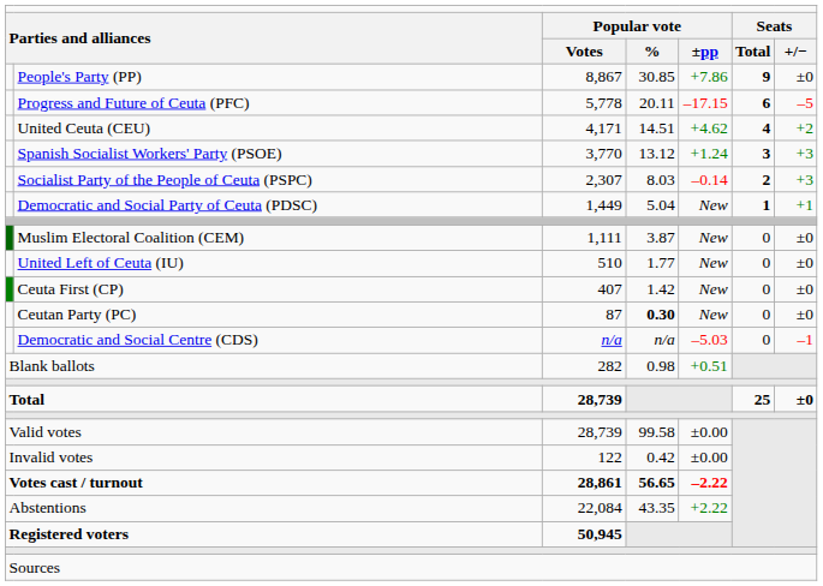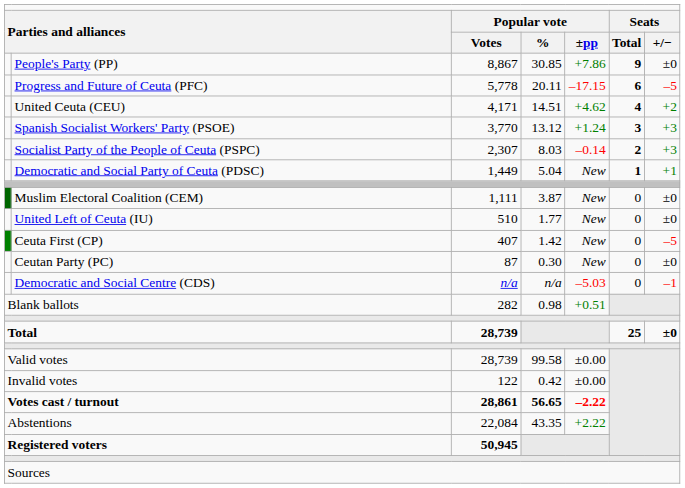 <table class="wikitable" style="text-align:right;">
 <tr>
 <td colspan="7"></td>
 </tr>
 <tr>
 <th style="text-align:left;" rowspan="2" colspan="2" width="525">Parties and alliances</th>
 <th colspan="3">Popular vote</th>
 <th colspan="2">Seats</th>
 </tr>
 <tr>
 <th width="75">Votes</th>
 <th width="45">%</th>
 <th width="45">±<a href='#'>pp</a></th>
 <th width="35">Total</th>
 <th width="35">+/−</th>
 </tr>
 <tr>
 <td width="1" style="color:inherit;background:"></td>
 <td align="left"><a href='#'>People's Party</a> (PP)</td>
 <td>8,867</td>
 <td>30.85</td>
 <td style="color:green;">+7.86</td>
 <td><strong>9</strong></td>
 <td>±0</td>
 </tr>
 <tr>
 <td style="color:inherit;background:"></td>
 <td align="left"><a href='#'>Progress and Future of Ceuta</a> (PFC)</td>
 <td>5,778</td>
 <td>20.11</td>
 <td style="color:red;">–17.15</td>
 <td><strong>6</strong></td>
 <td style="color:red;">–5</td>
 </tr>
 <tr>
 <td style="color:inherit;background:"></td>
 <td align="left">United Ceuta (CEU)</td>
 <td>4,171</td>
 <td>14.51</td>
 <td style="color:green;">+4.62</td>
 <td><strong>4</strong></td>
 <td style="color:green;">+2</td>
 </tr>
 <tr>
 <td style="color:inherit;background:"></td>
 <td align="left"><a href='#'>Spanish Socialist Workers' Party</a> (PSOE)</td>
 <td>3,770</td>
 <td>13.12</td>
 <td style="color:green;">+1.24</td>
 <td><strong>3</strong></td>
 <td style="color:green;">+3</td>
 </tr>
 <tr>
 <td style="color:inherit;background:"></td>
 <td align="left"><a href='#'>Socialist Party of the People of Ceuta</a> (PSPC)</td>
 <td>2,307</td>
 <td>8.03</td>
 <td style="color:red;">–0.14</td>
 <td><strong>2</strong></td>
 <td style="color:green;">+3</td>
 </tr>
 <tr>
 <td style="color:inherit;background:"></td>
 <td align="left"><a href='#'>Democratic and Social Party of Ceuta</a> (PDSC)</td>
 <td>1,449</td>
 <td>5.04</td>
 <td><em>New</em></td>
 <td><strong>1</strong></td>
 <td style="color:green;">+1</td>
 </tr>
 <tr>
 <td colspan="7" bgcolor="#C0C0C0"></td>
 </tr>
 <tr>
 <td style="color:inherit;background:#006600"></td>
 <td align="left">Muslim Electoral Coalition (CEM)</td>
 <td>1,111</td>
 <td>3.87</td>
 <td><em>New</em></td>
 <td>0</td>
 <td>±0</td>
 </tr>
 <tr>
 <td style="color:inherit;background:"></td>
 <td align="left"><a href='#'>United Left of Ceuta</a> (IU)</td>
 <td>510</td>
 <td>1.77</td>
 <td><em>New</em></td>
 <td>0</td>
 <td>±0</td>
 </tr>
 <tr>
 <td bgcolor="green"></td>
 <td align="left">Ceuta First (CP)</td>
 <td>407</td>
 <td>1.42</td>
 <td><em>New</em></td>
 <td>0</td>
-<td>±0</td>
+<td style="color:red;">–5</td>
 </tr>
 <tr>
 <td style="color:inherit;background:"></td>
 <td align="left">Ceutan Party (PC)</td>
 <td>87</td>
-<td><strong>0.30</strong></td>
+<td>0.30</td>
 <td><em>New</em></td>
 <td>0</td>
 <td>±0</td>
 </tr>
 <tr>
 <td style="color:inherit;background:"></td>
 <td align="left"><a href='#'>Democratic and Social Centre</a> (CDS)</td>
 <td><em><a href='#'>n/a</a></em></td>
 <td><em>n/a</em></td>
 <td style="color:red;">–5.03</td>
 <td>0</td>
 <td style="color:red;">–1</td>
 </tr>
 <tr>
 <td align="left" colspan="2">Blank ballots</td>
 <td>282</td>
 <td>0.98</td>
 <td style="color:green;">+0.51</td>
 <td bgcolor="#E9E9E9" colspan="2"></td>
 </tr>
 <tr>
 <td colspan="7" bgcolor="#E9E9E9"></td>
 </tr>
 <tr style="font-weight:bold;">
 <td align="left" colspan="2">Total</td>
 <td>28,739</td>
 <td bgcolor="#E9E9E9" colspan="2"></td>
 <td>25</td>
 <td>±0</td>
 </tr>
 <tr>
 <td colspan="7" bgcolor="#E9E9E9"></td>
 </tr>
 <tr>
 <td align="left" colspan="2">Valid votes</td>
 <td>28,739</td>
 <td>99.58</td>
 <td>±0.00</td>
 <td bgcolor="#E9E9E9" colspan="2" rowspan="5"></td>
 </tr>
 <tr>
 <td align="left" colspan="2">Invalid votes</td>
 <td>122</td>
 <td>0.42</td>
 <td>±0.00</td>
 </tr>
 <tr style="font-weight:bold;">
 <td align="left" colspan="2">Votes cast / turnout</td>
 <td>28,861</td>
 <td>56.65</td>
 <td style="color:red;">–2.22</td>
 </tr>
 <tr>
 <td align="left" colspan="2">Abstentions</td>
 <td>22,084</td>
 <td>43.35</td>
 <td style="color:green;">+2.22</td>
 </tr>
 <tr style="font-weight:bold;">
 <td align="left" colspan="2">Registered voters</td>
 <td>50,945</td>
 <td bgcolor="#E9E9E9" colspan="2"></td>
 </tr>
 <tr>
 <td colspan="7" bgcolor="#E9E9E9"></td>
 </tr>
 <tr>
 <td align="left" colspan="7">Sources</td>
 </tr>
 </table>
